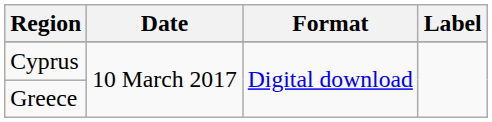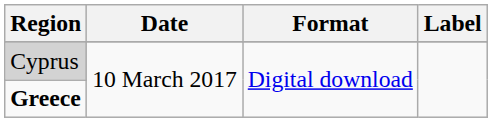 <table class=wikitable>
 <tr>
 <th>Region</th>
 <th>Date</th>
 <th>Format</th>
 <th>Label</th>
 </tr>
 <tr>
 </tr>
 <tr>
-<td>Cyprus</td>
+<td style="background: lightgrey;">Cyprus</td>
 <td rowspan="2">10 March 2017</td>
 <td rowspan="2"><a href='#'>Digital download</a></td>
 <td rowspan="2"></td>
 </tr>
 <tr>
-<td>Greece</td>
+<td><strong>Greece</strong></td>
 </tr>
 </table>
